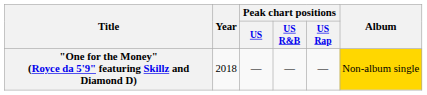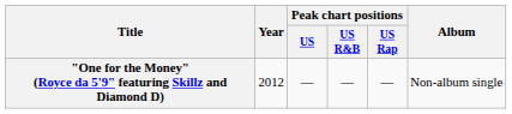 <table class="wikitable plainrowheaders" style="text-align:center;">
 <tr>
 <th scope="col" rowspan="2" style="width:19em;">Title</th>
 <th scope="col" rowspan="2">Year</th>
 <th scope="col" colspan="3">Peak chart positions</th>
 <th scope="col" rowspan="2">Album</th>
 </tr>
 <tr>
 <th style="width:3em; font-size:90%"><a href='#'>US</a></th>
 <th style="width:3em; font-size:90%"><a href='#'>US<br>R&B</a></th>
 <th style="width:3em; font-size:90%"><a href='#'>US<br>Rap</a></th>
 </tr>
 <tr>
 <th scope="row">"One for the Money"<br><span>(<a href='#'>Royce da 5'9"</a> featuring <a href='#'>Skillz</a> and Diamond D)</span></th>
-<td>2018</td>
+<td>2012</td>
 <td>—</td>
 <td>—</td>
 <td>—</td>
-<td style="background: gold;">Non-album single</td>
+<td>Non-album single</td>
 </tr>
 </table>
